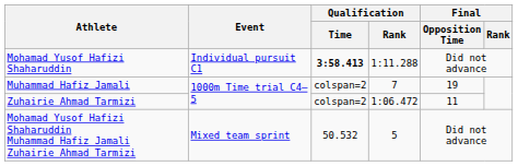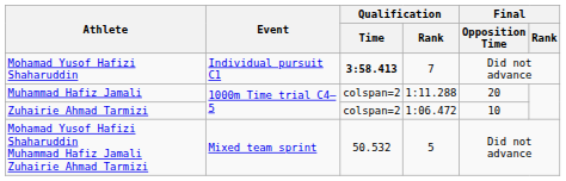 <table class=wikitable style="font-size:90%">
 <tr>
 <th rowspan="2">Athlete</th>
 <th rowspan="2">Event</th>
 <th colspan="2">Qualification</th>
 <th colspan="2">Final</th>
 </tr>
 <tr>
 <th>Time</th>
 <th>Rank</th>
 <th>Opposition<br>Time</th>
 <th>Rank</th>
 </tr>
 <tr align=center>
 <td align=left><a href='#'>Mohamad Yusof Hafizi Shaharuddin</a></td>
 <td align=left><a href='#'>Individual pursuit C1</a></td>
 <td><strong>3:58.413</strong></td>
-<td>1:11.288</td>
+<td>7</td>
 <td align="center" colspan="2">Did not advance</td>
 </tr>
 <tr align=center>
 <td align=left><a href='#'>Muhammad Hafiz Jamali</a></td>
 <td rowspan="2"align=left><a href='#'>1000m Time trial C4–5</a></td>
 <td>colspan=2 </td>
-<td>7</td>
-<td>19</td>
+<td>1:11.288</td>
+<td>20</td>
 </tr>
 <tr align=center>
 <td align=left><a href='#'>Zuhairie Ahmad Tarmizi</a></td>
 <td>colspan=2 </td>
 <td>1:06.472</td>
-<td>11</td>
+<td>10</td>
 </tr>
 <tr align=center>
 <td align=left><a href='#'>Mohamad Yusof Hafizi Shaharuddin</a><br><a href='#'>Muhammad Hafiz Jamali</a><br><a href='#'>Zuhairie Ahmad Tarmizi</a></td>
 <td align=left><a href='#'>Mixed team sprint</a></td>
 <td>50.532</td>
 <td>5</td>
 <td align="center" colspan="2">Did not advance</td>
 </tr>
 </table>
